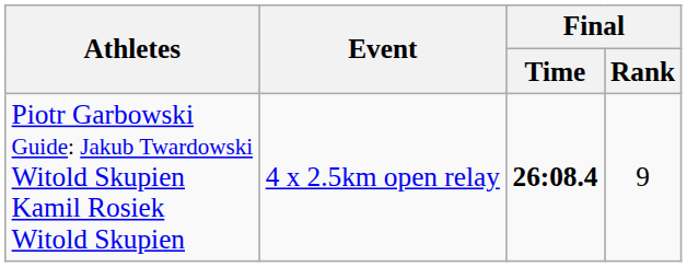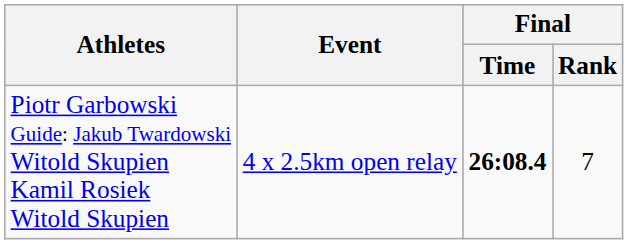 <table class="wikitable" style="font-size:100%">
 <tr>
 <th rowspan="2">Athletes</th>
 <th rowspan="2">Event</th>
 <th colspan="2">Final</th>
 </tr>
 <tr>
 <th>Time</th>
 <th>Rank</th>
 </tr>
 <tr>
 <td><a href='#'>Piotr Garbowski</a><br><small><a href='#'>Guide</a>: <a href='#'>Jakub Twardowski</a></small><br><a href='#'>Witold Skupien</a><br><a href='#'>Kamil Rosiek</a><br><a href='#'>Witold Skupien</a></td>
 <td><a href='#'>4 x 2.5km open relay</a></td>
 <td align="center"><strong>26:08.4</strong></td>
-<td align="center">9</td>
+<td align="center">7</td>
 </tr>
 </table>
